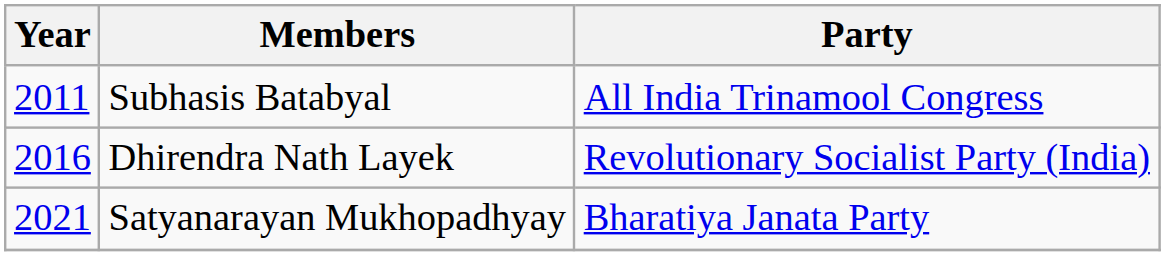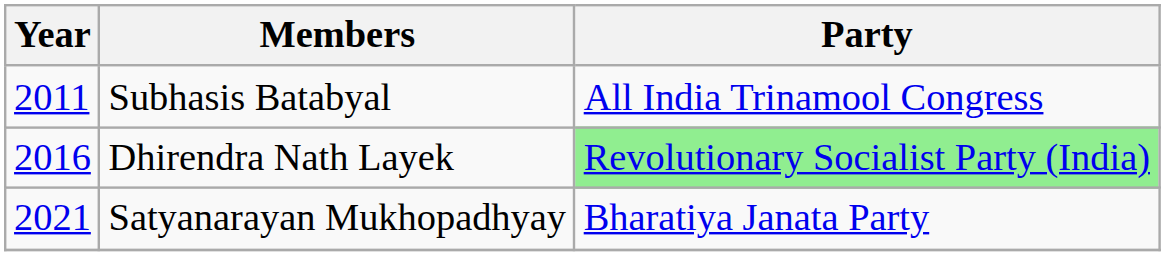 <table - class="wikitable sortable">
 <tr>
 <th>Year</th>
 <th>Members</th>
 <th>Party</th>
 </tr>
 <tr>
 <td><a href='#'>2011</a></td>
 <td>Subhasis Batabyal</td>
 <td><a href='#'>All India Trinamool Congress</a></td>
 </tr>
 <tr>
 <td><a href='#'>2016</a></td>
 <td>Dhirendra Nath Layek</td>
-<td><a href='#'>Revolutionary Socialist Party (India)</a></td>
+<td style="background: lightgreen;"><a href='#'>Revolutionary Socialist Party (India)</a></td>
 </tr>
 <tr>
 <td><a href='#'>2021</a></td>
 <td>Satyanarayan Mukhopadhyay</td>
 <td><a href='#'>Bharatiya Janata Party</a></td>
 </tr>
 <tr>
 </tr>
 </table>
